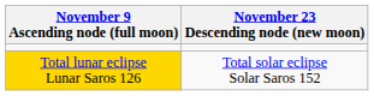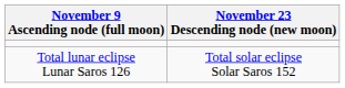 <table class="wikitable">
 <tr>
 <th><a href='#'>November 9</a><br>Ascending node (full moon)<br></th>
 <th><a href='#'>November 23</a><br>Descending node (new moon)<br></th>
 </tr>
 <tr>
 <td></td>
 <td></td>
 </tr>
 <tr align=center>
-<td style="background: gold;"><a href='#'>Total lunar eclipse</a><br>Lunar Saros 126</td>
+<td><a href='#'>Total lunar eclipse</a><br>Lunar Saros 126</td>
 <td><a href='#'>Total solar eclipse</a><br>Solar Saros 152</td>
 </tr>
 </table>
